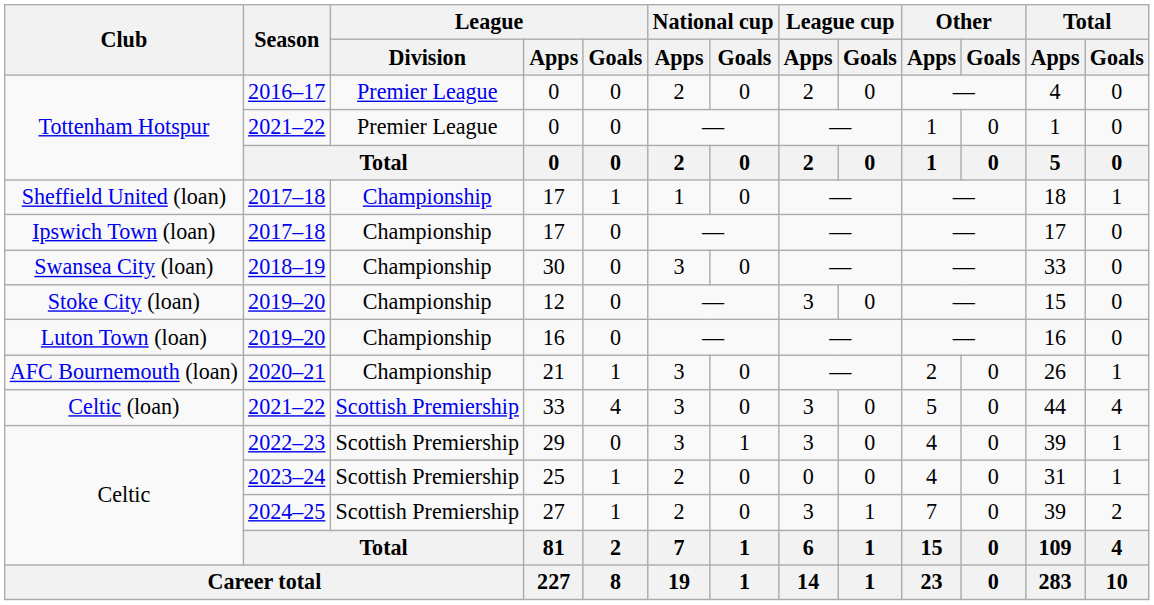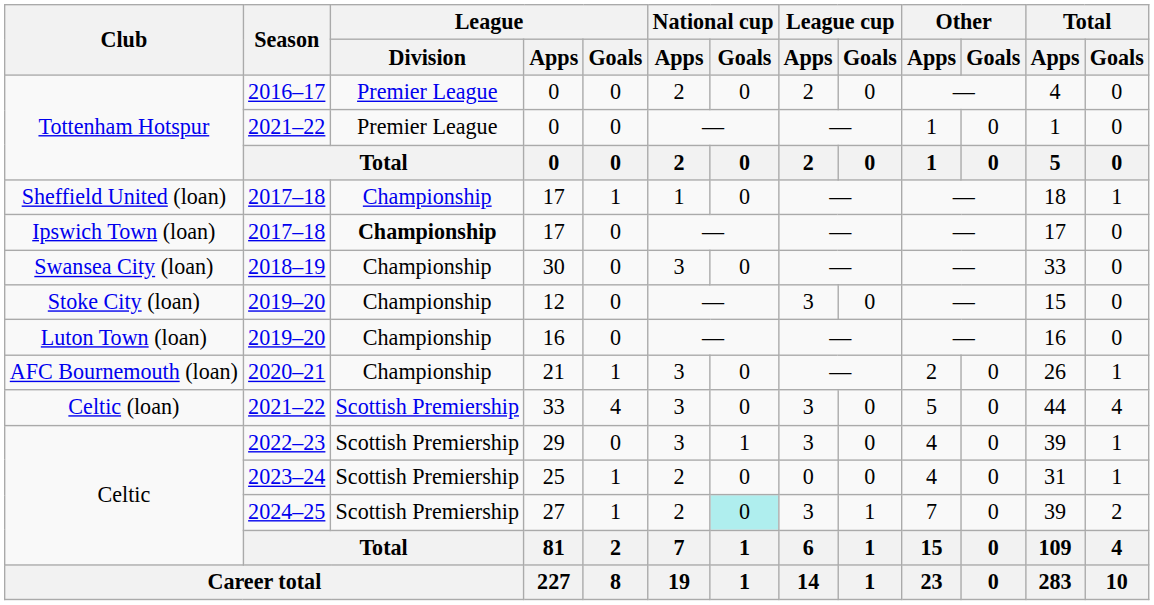 <table class="wikitable" style="text-align: center">
 <tr>
 <th rowspan="2">Club</th>
 <th rowspan="2">Season</th>
 <th colspan="3">League</th>
 <th colspan="2">National cup</th>
 <th colspan="2">League cup</th>
 <th colspan="2">Other</th>
 <th colspan="2">Total</th>
 </tr>
 <tr>
 <th>Division</th>
 <th>Apps</th>
 <th>Goals</th>
 <th>Apps</th>
 <th>Goals</th>
 <th>Apps</th>
 <th>Goals</th>
 <th>Apps</th>
 <th>Goals</th>
 <th>Apps</th>
 <th>Goals</th>
 </tr>
 <tr>
 <td rowspan="3"><a href='#'>Tottenham Hotspur</a></td>
 <td><a href='#'>2016–17</a></td>
 <td><a href='#'>Premier League</a></td>
 <td>0</td>
 <td>0</td>
 <td>2</td>
 <td>0</td>
 <td>2</td>
 <td>0</td>
 <td colspan="2">—</td>
 <td>4</td>
 <td>0</td>
 </tr>
 <tr>
 <td><a href='#'>2021–22</a></td>
 <td>Premier League</td>
 <td>0</td>
 <td>0</td>
 <td colspan="2">—</td>
 <td colspan="2">—</td>
 <td>1</td>
 <td>0</td>
 <td>1</td>
 <td>0</td>
 </tr>
 <tr>
 <th colspan="2">Total</th>
 <th>0</th>
 <th>0</th>
 <th>2</th>
 <th>0</th>
 <th>2</th>
 <th>0</th>
 <th>1</th>
 <th>0</th>
 <th>5</th>
 <th>0</th>
 </tr>
 <tr>
 <td><a href='#'>Sheffield United</a> (loan)</td>
 <td><a href='#'>2017–18</a></td>
 <td><a href='#'>Championship</a></td>
 <td>17</td>
 <td>1</td>
 <td>1</td>
 <td>0</td>
 <td colspan="2">—</td>
 <td colspan="2">—</td>
 <td>18</td>
 <td>1</td>
 </tr>
 <tr>
 <td><a href='#'>Ipswich Town</a> (loan)</td>
 <td><a href='#'>2017–18</a></td>
-<td>Championship</td>
+<td><strong>Championship</strong></td>
 <td>17</td>
 <td>0</td>
 <td colspan="2">—</td>
 <td colspan="2">—</td>
 <td colspan="2">—</td>
 <td>17</td>
 <td>0</td>
 </tr>
 <tr>
 <td><a href='#'>Swansea City</a> (loan)</td>
 <td><a href='#'>2018–19</a></td>
 <td>Championship</td>
 <td>30</td>
 <td>0</td>
 <td>3</td>
 <td>0</td>
 <td colspan="2">—</td>
 <td colspan="2">—</td>
 <td>33</td>
 <td>0</td>
 </tr>
 <tr>
 <td><a href='#'>Stoke City</a> (loan)</td>
 <td><a href='#'>2019–20</a></td>
 <td>Championship</td>
 <td>12</td>
 <td>0</td>
 <td colspan="2">—</td>
 <td>3</td>
 <td>0</td>
 <td colspan="2">—</td>
 <td>15</td>
 <td>0</td>
 </tr>
 <tr>
 <td><a href='#'>Luton Town</a> (loan)</td>
 <td><a href='#'>2019–20</a></td>
 <td>Championship</td>
 <td>16</td>
 <td>0</td>
 <td colspan="2">—</td>
 <td colspan="2">—</td>
 <td colspan="2">—</td>
 <td>16</td>
 <td>0</td>
 </tr>
 <tr>
 <td><a href='#'>AFC Bournemouth</a> (loan)</td>
 <td><a href='#'>2020–21</a></td>
 <td>Championship</td>
 <td>21</td>
 <td>1</td>
 <td>3</td>
 <td>0</td>
 <td colspan="2">—</td>
 <td>2</td>
 <td>0</td>
 <td>26</td>
 <td>1</td>
 </tr>
 <tr>
 <td><a href='#'>Celtic</a> (loan)</td>
 <td><a href='#'>2021–22</a></td>
 <td><a href='#'>Scottish Premiership</a></td>
 <td>33</td>
 <td>4</td>
 <td>3</td>
 <td>0</td>
 <td>3</td>
 <td>0</td>
 <td>5</td>
 <td>0</td>
 <td>44</td>
 <td>4</td>
 </tr>
 <tr>
 <td rowspan="4">Celtic</td>
 <td><a href='#'>2022–23</a></td>
 <td>Scottish Premiership</td>
 <td>29</td>
 <td>0</td>
 <td>3</td>
 <td>1</td>
 <td>3</td>
 <td>0</td>
 <td>4</td>
 <td>0</td>
 <td>39</td>
 <td>1</td>
 </tr>
 <tr>
 <td><a href='#'>2023–24</a></td>
 <td>Scottish Premiership</td>
 <td>25</td>
 <td>1</td>
 <td>2</td>
 <td>0</td>
 <td>0</td>
 <td>0</td>
 <td>4</td>
 <td>0</td>
 <td>31</td>
 <td>1</td>
 </tr>
 <tr>
 <td><a href='#'>2024–25</a></td>
 <td>Scottish Premiership</td>
 <td>27</td>
 <td>1</td>
 <td>2</td>
-<td>0</td>
+<td style="background: paleturquoise;">0</td>
 <td>3</td>
 <td>1</td>
 <td>7</td>
 <td>0</td>
 <td>39</td>
 <td>2</td>
 </tr>
 <tr>
 <th colspan="2">Total</th>
 <th>81</th>
 <th>2</th>
 <th>7</th>
 <th>1</th>
 <th>6</th>
 <th>1</th>
 <th>15</th>
 <th>0</th>
 <th>109</th>
 <th>4</th>
 </tr>
 <tr>
 <th colspan="3">Career total</th>
 <th>227</th>
 <th>8</th>
 <th>19</th>
 <th>1</th>
 <th>14</th>
 <th>1</th>
 <th>23</th>
 <th>0</th>
 <th>283</th>
 <th>10</th>
 </tr>
 </table>
